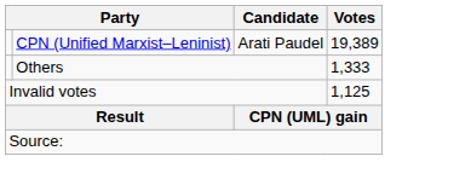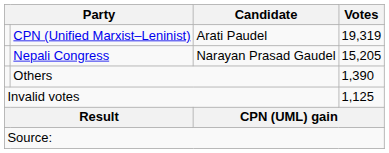 <table class="wikitable">
 <tr>
 <th colspan="2">Party</th>
 <th>Candidate</th>
 <th>Votes</th>
 </tr>
 <tr>
 <td style="background-color:"></td>
 <td><a href='#'>CPN (Unified Marxist–Leninist)</a></td>
 <td>Arati Paudel</td>
-<td>19,389</td>
+<td>19,319</td>
+</tr>
+<tr>
+<td style="background-color:"></td>
+<td><a href='#'>Nepali Congress</a></td>
+<td>Narayan Prasad Gaudel</td>
+<td>15,205</td>
 </tr>
 <tr>
 <td></td>
 <td colspan="2">Others</td>
-<td>1,333</td>
+<td>1,390</td>
 </tr>
 <tr>
 <td colspan="3">Invalid votes</td>
 <td>1,125</td>
 </tr>
 <tr>
 <th colspan="2">Result</th>
 <th colspan="2">CPN (UML) gain</th>
 </tr>
 <tr>
 <td colspan="4">Source: </td>
 </tr>
 </table>
